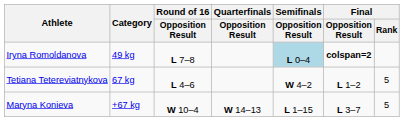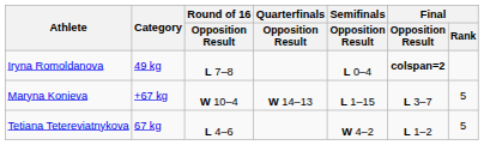 <table class="wikitable" style="text-align:center; font-size:90%">
 <tr>
 <th rowspan=2>Athlete</th>
 <th rowspan=2>Category</th>
 <th>Round of 16</th>
 <th>Quarterfinals</th>
 <th>Semifinals</th>
 <th colspan=2>Final</th>
 </tr>
 <tr style="font-size:95%">
 <th>Opposition<br>Result</th>
 <th>Opposition<br>Result</th>
 <th>Opposition<br>Result</th>
 <th>Opposition<br>Result</th>
 <th>Rank</th>
 </tr>
 <tr>
 <td align=left><a href='#'>Iryna Romoldanova</a></td>
 <td align=left><a href='#'>49 kg</a></td>
 <td><br> <strong>L</strong> 7–8</td>
 <td></td>
-<td style="background: lightblue;"><br> <strong>L</strong> 0–4</td>
+<td><br> <strong>L</strong> 0–4</td>
 <td><strong>colspan=2 </strong></td>
+</tr>
+<tr>
+<td align=left><a href='#'>Maryna Konieva</a></td>
+<td align=left><a href='#'>+67 kg</a></td>
+<td><br> <strong>W</strong> 10–4</td>
+<td><br> <strong>W</strong> 14–13</td>
+<td><br> <strong>L</strong> 1–15</td>
+<td><br> <strong>L</strong> 3–7</td>
+<td>5</td>
 </tr>
 <tr>
 <td align=left><a href='#'>Tetiana Tetereviatnykova</a></td>
 <td align=left><a href='#'>67 kg</a></td>
 <td><br> <strong>L</strong> 4–6</td>
 <td></td>
 <td><br> <strong>W</strong> 4–2</td>
 <td><br> <strong>L</strong> 1–2</td>
 <td>5</td>
 </tr>
-<tr>
-<td align=left><a href='#'>Maryna Konieva</a></td>
-<td align=left><a href='#'>+67 kg</a></td>
-<td><br> <strong>W</strong> 10–4</td>
-<td><br> <strong>W</strong> 14–13</td>
-<td><br> <strong>L</strong> 1–15</td>
-<td><br> <strong>L</strong> 3–7</td>
-<td>5</td>
-</tr>
 </table>
